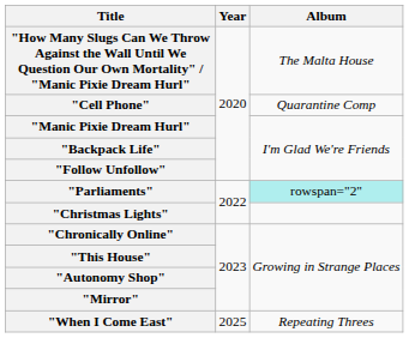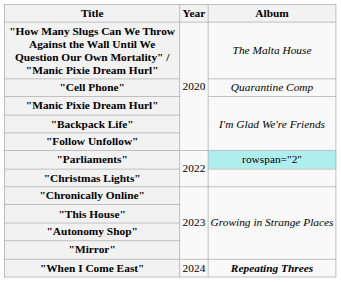 <table class="wikitable plainrowheaders" style="text-align:center;">
 <tr>
 <th scope="col" style="width:15em;">Title</th>
 <th scope="col">Year</th>
 <th scope="col">Album</th>
 </tr>
 <tr>
 <th scope="row">"How Many Slugs Can We Throw Against the Wall Until We Question Our Own Mortality" / "Manic Pixie Dream Hurl"</th>
 <td rowspan="5">2020</td>
 <td><em>The Malta House</em></td>
 </tr>
 <tr>
 <th scope="row">"Cell Phone"</th>
 <td><em>Quarantine Comp</em></td>
 </tr>
 <tr>
 <th scope="row">"Manic Pixie Dream Hurl"</th>
 <td rowspan="3"><em>I'm Glad We're Friends</em></td>
 </tr>
 <tr>
 <th scope="row">"Backpack Life"</th>
 </tr>
 <tr>
 <th scope="row">"Follow Unfollow"</th>
 </tr>
 <tr>
 <th scope="row">"Parliaments"</th>
 <td rowspan="2">2022</td>
 <td style="background: paleturquoise;">rowspan="2" </td>
 </tr>
 <tr>
 <th scope="row">"Christmas Lights"</th>
 </tr>
 <tr>
 <th scope="row">"Chronically Online"</th>
 <td rowspan="4">2023</td>
 <td rowspan="4"><em>Growing in Strange Places</em></td>
 </tr>
 <tr>
 <th scope="row">"This House"</th>
 </tr>
 <tr>
 <th scope="row">"Autonomy Shop"</th>
 </tr>
 <tr>
 <th scope="row">"Mirror"</th>
 </tr>
 <tr>
 <th scope="row">"When I Come East"</th>
-<td>2025</td>
-<td><em>Repeating Threes</em></td>
+<td>2024</td>
+<td><strong><em>Repeating Threes</em></strong></td>
 </tr>
 </table>
